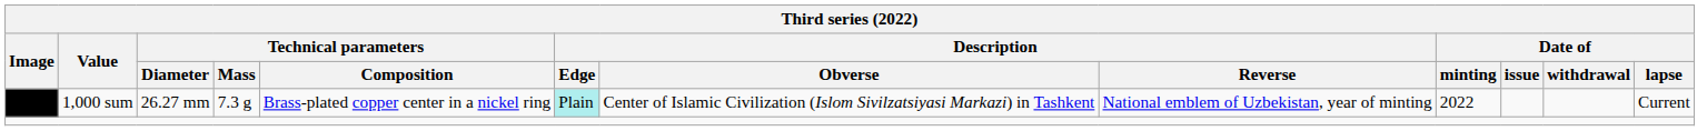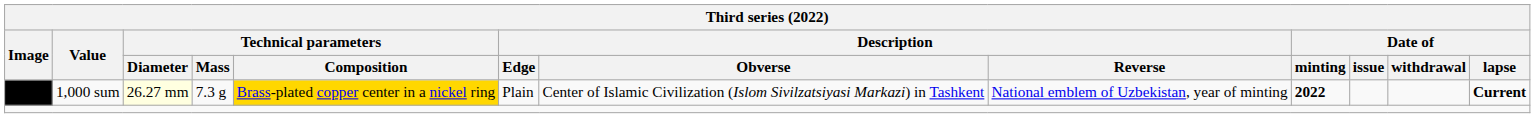 <table class="wikitable" style="font-size: 90%">
 <tr>
 <th colspan="13">Third series (2022)</th>
 </tr>
 <tr>
 <th rowspan="2">Image</th>
 <th rowspan="2">Value</th>
 <th colspan="3">Technical parameters</th>
 <th colspan="3">Description</th>
 <th colspan="4">Date of</th>
 </tr>
 <tr>
 <th>Diameter</th>
 <th>Mass</th>
 <th>Composition</th>
 <th>Edge</th>
 <th>Obverse</th>
 <th>Reverse</th>
 <th>minting</th>
 <th>issue</th>
 <th>withdrawal</th>
 <th>lapse</th>
 </tr>
 <tr>
 <td align="center" bgcolor="#000000"></td>
 <td>1,000 sum</td>
-<td>26.27 mm</td>
+<td style="background: lightyellow;">26.27 mm</td>
 <td>7.3 g</td>
-<td><a href='#'>Brass</a>-plated <a href='#'>copper</a> center in a <a href='#'>nickel</a> ring</td>
-<td style="background: paleturquoise;">Plain</td>
+<td style="background: gold;"><a href='#'>Brass</a>-plated <a href='#'>copper</a> center in a <a href='#'>nickel</a> ring</td>
+<td>Plain</td>
 <td>Center of Islamic Civilization (<em>Islom Sivilzatsiyasi Markazi</em>) in <a href='#'>Tashkent</a></td>
 <td><a href='#'>National emblem of Uzbekistan</a>, year of minting</td>
-<td>2022</td>
+<td><strong>2022</strong></td>
 <td></td>
 <td></td>
-<td>Current</td>
+<td><strong>Current</strong></td>
 </tr>
 <tr>
 <td colspan="16"></td>
 </tr>
 </table>
